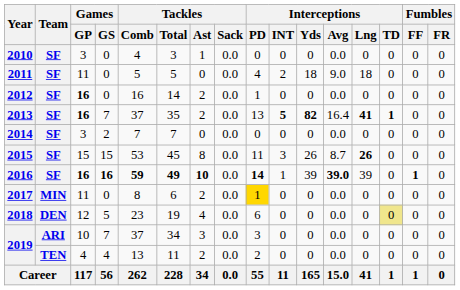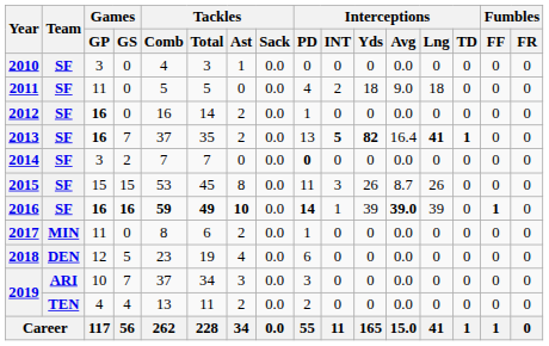 <table class="wikitable" style="text-align:center">
 <tr>
 <th rowspan="2">Year</th>
 <th rowspan="2">Team</th>
 <th colspan="2">Games</th>
 <th colspan="4">Tackles</th>
 <th colspan="6">Interceptions</th>
 <th colspan="2">Fumbles</th>
 </tr>
 <tr>
 <th>GP</th>
 <th>GS</th>
 <th>Comb</th>
 <th>Total</th>
 <th>Ast</th>
 <th>Sack</th>
 <th>PD</th>
 <th>INT</th>
 <th>Yds</th>
 <th>Avg</th>
 <th>Lng</th>
 <th>TD</th>
 <th>FF</th>
 <th>FR</th>
 </tr>
 <tr>
 <th><a href='#'>2010</a></th>
 <th><a href='#'>SF</a></th>
 <td>3</td>
 <td>0</td>
 <td>4</td>
 <td>3</td>
 <td>1</td>
 <td>0.0</td>
 <td>0</td>
 <td>0</td>
 <td>0</td>
 <td>0.0</td>
 <td>0</td>
 <td>0</td>
 <td>0</td>
 <td>0</td>
 </tr>
 <tr>
 <th><a href='#'>2011</a></th>
 <th><a href='#'>SF</a></th>
 <td>11</td>
 <td>0</td>
 <td>5</td>
 <td>5</td>
 <td>0</td>
 <td>0.0</td>
 <td>4</td>
 <td>2</td>
 <td>18</td>
 <td>9.0</td>
 <td>18</td>
 <td>0</td>
 <td>0</td>
 <td>0</td>
 </tr>
 <tr>
 <th><a href='#'>2012</a></th>
 <th><a href='#'>SF</a></th>
 <td><strong>16</strong></td>
 <td>0</td>
 <td>16</td>
 <td>14</td>
 <td>2</td>
 <td>0.0</td>
 <td>1</td>
 <td>0</td>
 <td>0</td>
 <td>0.0</td>
 <td>0</td>
 <td>0</td>
 <td>0</td>
 <td>0</td>
 </tr>
 <tr>
 <th><a href='#'>2013</a></th>
 <th><a href='#'>SF</a></th>
 <td><strong>16</strong></td>
 <td>7</td>
 <td>37</td>
 <td>35</td>
 <td>2</td>
 <td>0.0</td>
 <td>13</td>
 <td><strong>5</strong></td>
 <td><strong>82</strong></td>
 <td>16.4</td>
 <td><strong>41</strong></td>
 <td><strong>1</strong></td>
 <td>0</td>
 <td>0</td>
 </tr>
 <tr>
 <th><a href='#'>2014</a></th>
 <th><a href='#'>SF</a></th>
 <td>3</td>
 <td>2</td>
 <td>7</td>
 <td>7</td>
 <td>0</td>
 <td>0.0</td>
-<td>0</td>
+<td><strong>0</strong></td>
 <td>0</td>
 <td>0</td>
 <td>0.0</td>
 <td>0</td>
 <td>0</td>
 <td>0</td>
 <td>0</td>
 </tr>
 <tr>
 <th><a href='#'>2015</a></th>
 <th><a href='#'>SF</a></th>
 <td>15</td>
 <td>15</td>
 <td>53</td>
 <td>45</td>
 <td>8</td>
 <td>0.0</td>
 <td>11</td>
 <td>3</td>
 <td>26</td>
 <td>8.7</td>
-<td><strong>26</strong></td>
+<td>26</td>
 <td>0</td>
 <td>0</td>
 <td>0</td>
 </tr>
 <tr>
 <th><a href='#'>2016</a></th>
 <th><a href='#'>SF</a></th>
 <td><strong>16</strong></td>
 <td><strong>16</strong></td>
 <td><strong>59</strong></td>
 <td><strong>49</strong></td>
 <td><strong>10</strong></td>
 <td>0.0</td>
 <td><strong>14</strong></td>
 <td>1</td>
 <td>39</td>
 <td><strong>39.0</strong></td>
 <td>39</td>
 <td>0</td>
 <td><strong>1</strong></td>
 <td>0</td>
 </tr>
 <tr>
 <th><a href='#'>2017</a></th>
 <th><a href='#'>MIN</a></th>
 <td>11</td>
 <td>0</td>
 <td>8</td>
 <td>6</td>
 <td>2</td>
 <td>0.0</td>
-<td style="background: gold;">1</td>
+<td>1</td>
 <td>0</td>
 <td>0</td>
 <td>0.0</td>
 <td>0</td>
 <td>0</td>
 <td>0</td>
 <td>0</td>
 </tr>
 <tr>
 <th><a href='#'>2018</a></th>
 <th><a href='#'>DEN</a></th>
 <td>12</td>
 <td>5</td>
 <td>23</td>
 <td>19</td>
 <td>4</td>
 <td>0.0</td>
 <td>6</td>
 <td>0</td>
 <td>0</td>
 <td>0.0</td>
 <td>0</td>
-<td style="background: khaki;">0</td>
+<td>0</td>
 <td>0</td>
 <td>0</td>
 </tr>
 <tr>
 <th rowspan="2"><a href='#'>2019</a></th>
 <th><a href='#'>ARI</a></th>
 <td>10</td>
 <td>7</td>
 <td>37</td>
 <td>34</td>
 <td>3</td>
 <td>0.0</td>
 <td>3</td>
 <td>0</td>
 <td>0</td>
 <td>0.0</td>
 <td>0</td>
 <td>0</td>
 <td>0</td>
 <td>0</td>
 </tr>
 <tr>
 <th><a href='#'>TEN</a></th>
 <td>4</td>
 <td>4</td>
 <td>13</td>
 <td>11</td>
 <td>2</td>
 <td>0.0</td>
 <td>2</td>
 <td>0</td>
 <td>0</td>
 <td>0.0</td>
 <td>0</td>
 <td>0</td>
 <td>0</td>
 <td>0</td>
 </tr>
 <tr>
 <th colspan="2">Career</th>
 <th>117</th>
 <th>56</th>
 <th>262</th>
 <th>228</th>
 <th>34</th>
 <th>0.0</th>
 <th>55</th>
 <th>11</th>
 <th>165</th>
 <th>15.0</th>
 <th>41</th>
 <th>1</th>
 <th>1</th>
 <th>0</th>
 </tr>
 </table>
